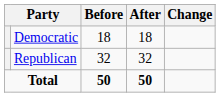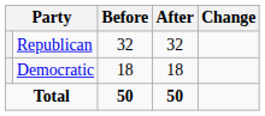 <table class="wikitable" style="text-align:center;">
 <tr>
 <th colspan="2">Party</th>
 <th>Before</th>
 <th>After</th>
 <th>Change</th>
 </tr>
 <tr>
 <th style="background-color:"></th>
-<td style="text-align:left;"><a href='#'>Democratic</a></td>
-<td>18</td>
-<td>18</td>
+<td style="text-align:left;"><a href='#'>Republican</a></td>
+<td>32</td>
+<td>32</td>
 <td></td>
 </tr>
 <tr>
 <th style="background-color:"></th>
-<td style="text-align:left;"><a href='#'>Republican</a></td>
-<td>32</td>
-<td>32</td>
+<td style="text-align:left;"><a href='#'>Democratic</a></td>
+<td>18</td>
+<td>18</td>
 <td></td>
 </tr>
 <tr>
 <td colspan="2"><strong>Total</strong></td>
 <td><strong>50</strong></td>
 <td><strong>50</strong></td>
 <td></td>
 </tr>
 </table>
